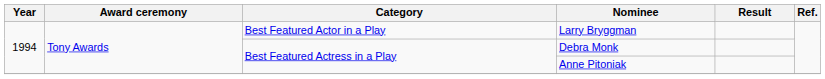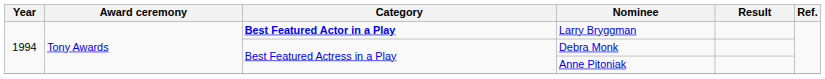 <table class="wikitable" width="95%">
 <tr>
 <th width="5%">Year</th>
 <th width="25%">Award ceremony</th>
 <th width="40%">Category</th>
 <th width="20%">Nominee</th>
 <th width="10%">Result</th>
 <th class=unsortable>Ref.</th>
 </tr>
 <tr>
 <td rowspan="3" align="center">1994</td>
 <td rowspan=3><a href='#'>Tony Awards</a></td>
-<td><a href='#'>Best Featured Actor in a Play</a></td>
+<td><strong><a href='#'>Best Featured Actor in a Play</a></strong></td>
 <td><a href='#'>Larry Bryggman</a></td>
 <td></td>
 <td rowspan=3></td>
 </tr>
 <tr>
 <td rowspan=2><a href='#'>Best Featured Actress in a Play</a></td>
 <td><a href='#'>Debra Monk</a></td>
 <td></td>
 </tr>
 <tr>
 <td><a href='#'>Anne Pitoniak</a></td>
 <td></td>
 </tr>
 <tr>
 </tr>
 </table>
